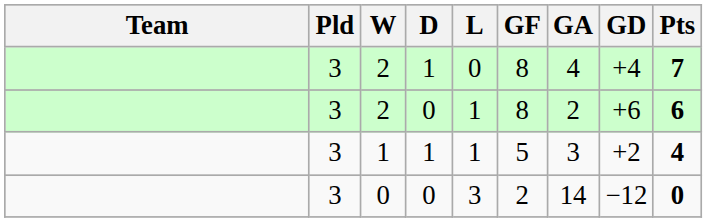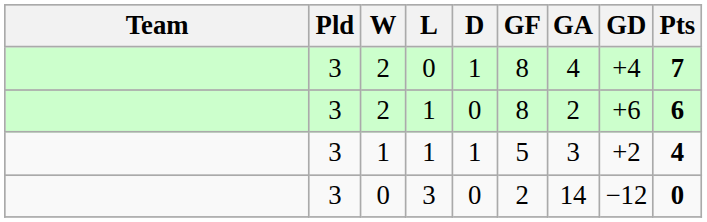 <table class="wikitable" style="text-align:center;">
 <tr>
 <th width=175>Team</th>
 <th width=20 abbr="Played">Pld</th>
 <th width=20 abbr="Won">W</th>
+<th width=20 abbr="Lost">L</th>
 <th width=20 abbr="Drawn">D</th>
-<th width=20 abbr="Lost">L</th>
 <th width=20 abbr="Goals for">GF</th>
 <th width=20 abbr="Goals against">GA</th>
 <th width=20 abbr="Goal difference">GD</th>
 <th width=20 abbr="Points">Pts</th>
 </tr>
 <tr style="background:#ccffcc;">
 <td align=left></td>
 <td>3</td>
 <td>2</td>
+<td>0</td>
 <td>1</td>
-<td>0</td>
 <td>8</td>
 <td>4</td>
 <td>+4</td>
 <td><strong>7</strong></td>
 </tr>
 <tr style="background:#ccffcc;">
 <td align=left></td>
 <td>3</td>
 <td>2</td>
+<td>1</td>
 <td>0</td>
-<td>1</td>
 <td>8</td>
 <td>2</td>
 <td>+6</td>
 <td><strong>6</strong></td>
 </tr>
 <tr>
 <td align=left></td>
 <td>3</td>
 <td>1</td>
 <td>1</td>
 <td>1</td>
 <td>5</td>
 <td>3</td>
 <td>+2</td>
 <td><strong>4</strong></td>
 </tr>
 <tr>
 <td align=left></td>
 <td>3</td>
 <td>0</td>
+<td>3</td>
 <td>0</td>
-<td>3</td>
 <td>2</td>
 <td>14</td>
 <td>−12</td>
 <td><strong>0</strong></td>
 </tr>
 </table>
